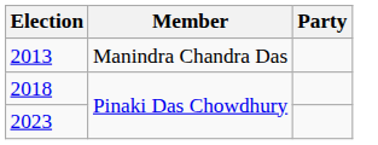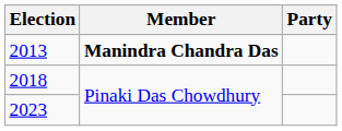 <table class="wikitable sortable">
 <tr>
 <th>Election</th>
 <th>Member</th>
 <th colspan=2>Party</th>
 </tr>
 <tr>
 <td><a href='#'>2013</a></td>
-<td>Manindra Chandra Das</td>
+<td><strong>Manindra Chandra Das</strong></td>
 <td></td>
 </tr>
 <tr>
 <td><a href='#'>2018</a></td>
 <td rowspan=2><a href='#'>Pinaki Das Chowdhury</a></td>
 <td></td>
 </tr>
 <tr>
 <td><a href='#'>2023</a></td>
 </tr>
 </table>
